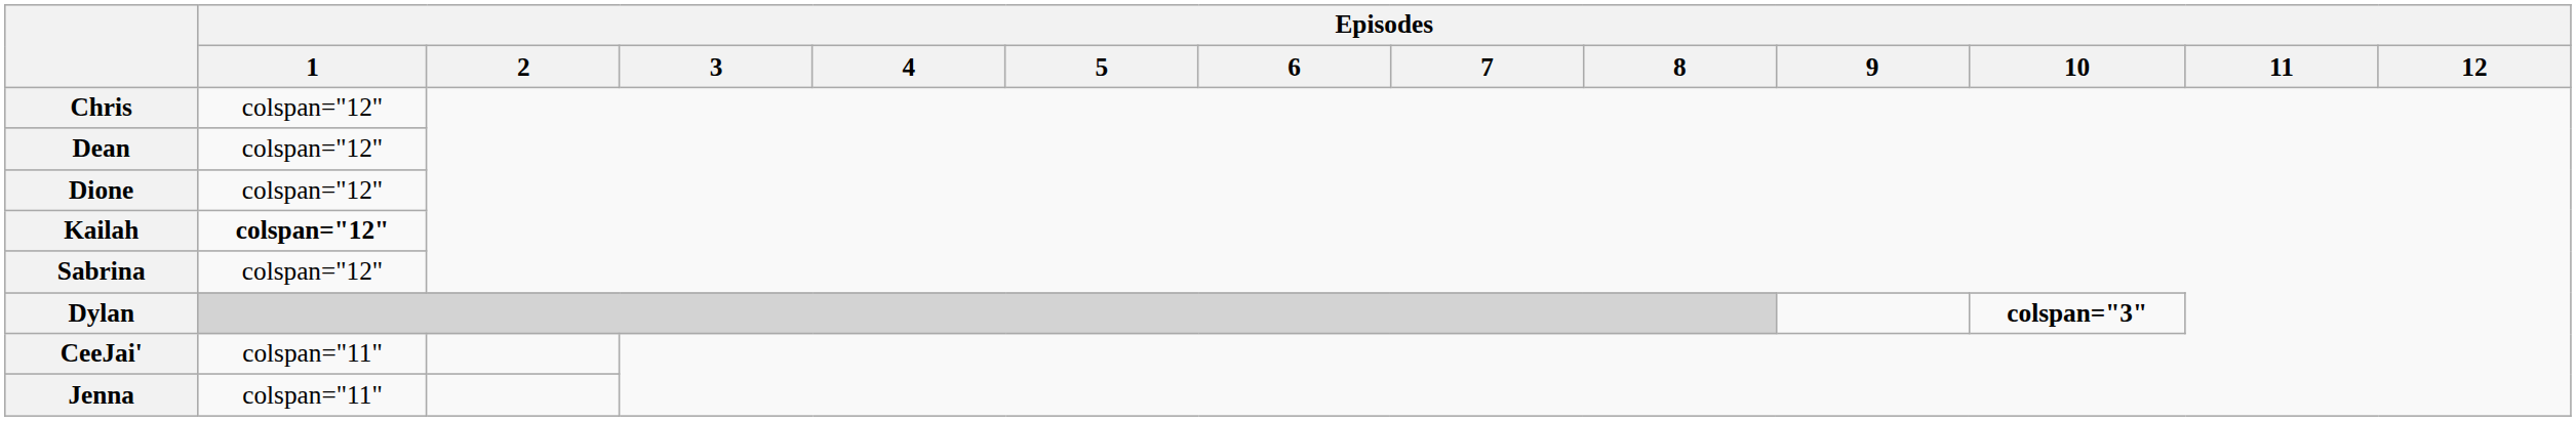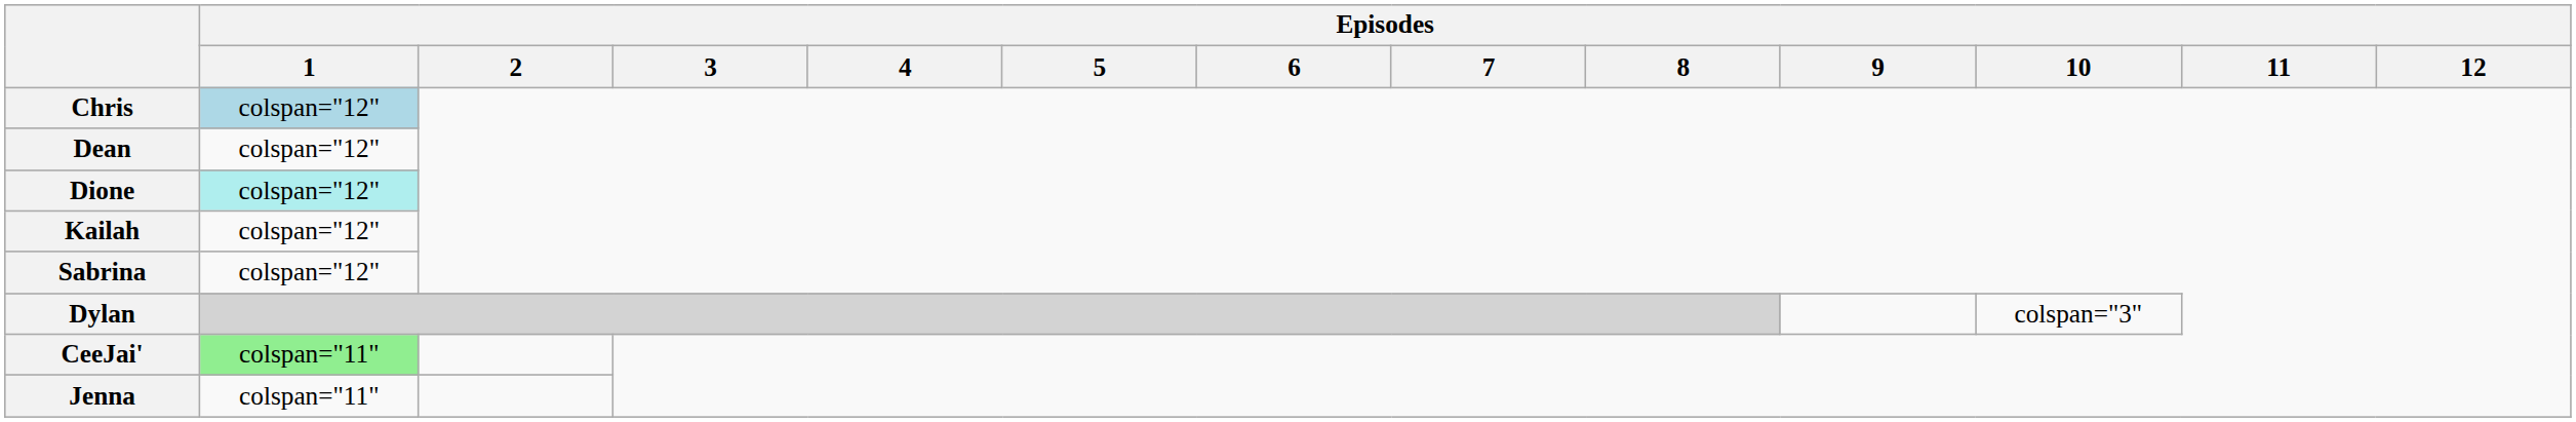 <table class="wikitable" style="text-align:center; width:100%">
 <tr>
 <th scope="col" rowspan="2" style="width:5%;"></th>
 <th scope="colgroup" colspan="12">Episodes</th>
 </tr>
 <tr>
 <th scope="col" style="width:5%;">1</th>
 <th scope="col" style="width:5%;">2</th>
 <th scope="col" style="width:5%;">3</th>
 <th scope="col" style="width:5%;">4</th>
 <th scope="col" style="width:5%;">5</th>
 <th scope="col" style="width:5%;">6</th>
 <th scope="col" style="width:5%;">7</th>
 <th scope="col" style="width:5%;">8</th>
 <th scope="col" style="width:5%;">9</th>
 <th scope="col" style="width:5%;">10</th>
 <th scope="col" style="width:5%;">11</th>
 <th scope="col" style="width:5%;">12</th>
 </tr>
 <tr>
 <th scope="row">Chris</th>
-<td>colspan="12" </td>
+<td style="background: lightblue;">colspan="12" </td>
 </tr>
 <tr>
 <th scope="row">Dean</th>
 <td>colspan="12" </td>
 </tr>
 <tr>
 <th scope="row">Dione</th>
-<td>colspan="12" </td>
+<td style="background: paleturquoise;">colspan="12" </td>
 </tr>
 <tr>
 <th scope="row">Kailah</th>
-<td><strong>colspan="12" </strong></td>
+<td>colspan="12" </td>
 </tr>
 <tr>
 <th scope="row">Sabrina</th>
 <td>colspan="12" </td>
 </tr>
 <tr>
 <th scope="row">Dylan</th>
 <td style="background:lightgrey;" colspan="8"></td>
 <td></td>
-<td><strong>colspan="3" </strong></td>
+<td>colspan="3" </td>
 </tr>
 <tr>
 <th scope="row">CeeJai'</th>
-<td>colspan="11" </td>
+<td style="background: lightgreen;">colspan="11" </td>
 <td></td>
 </tr>
 <tr>
 <th scope="row">Jenna</th>
 <td>colspan="11" </td>
 <td></td>
 </tr>
 </table>
